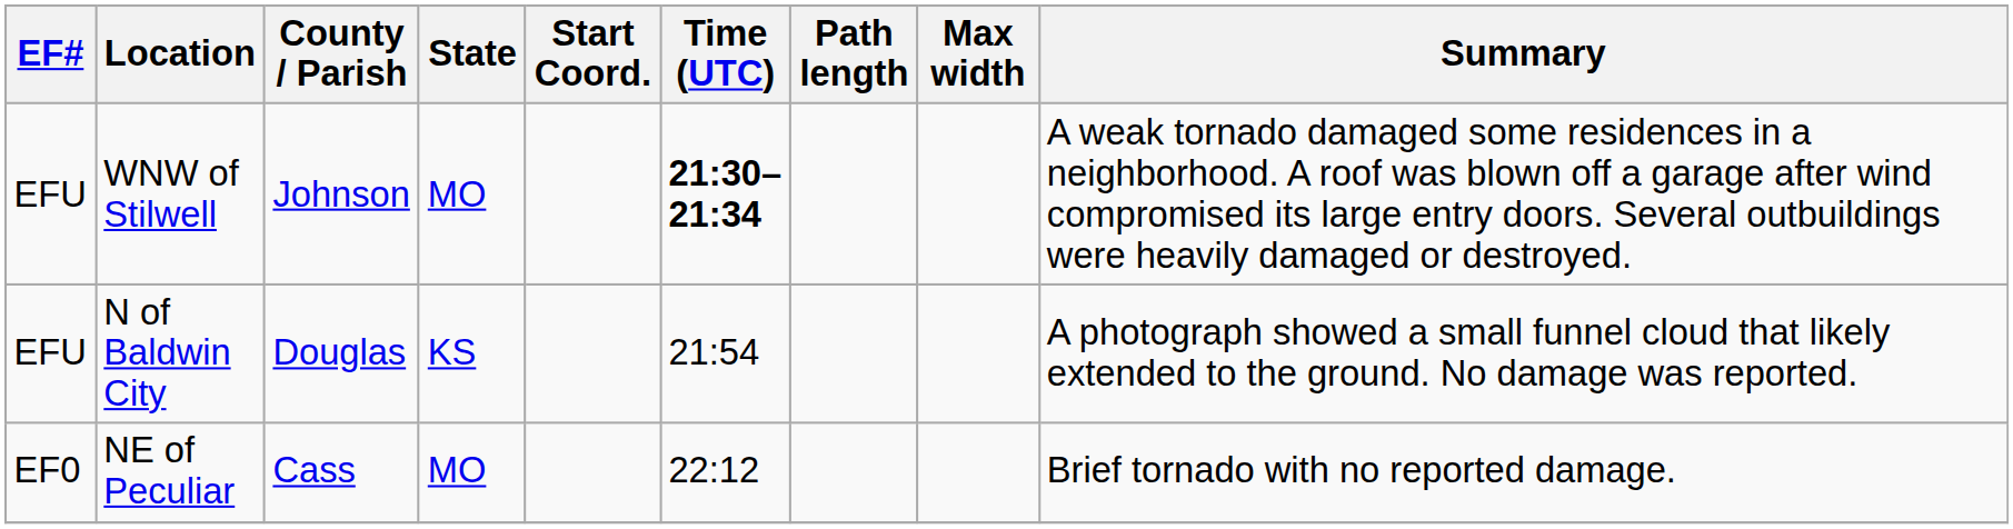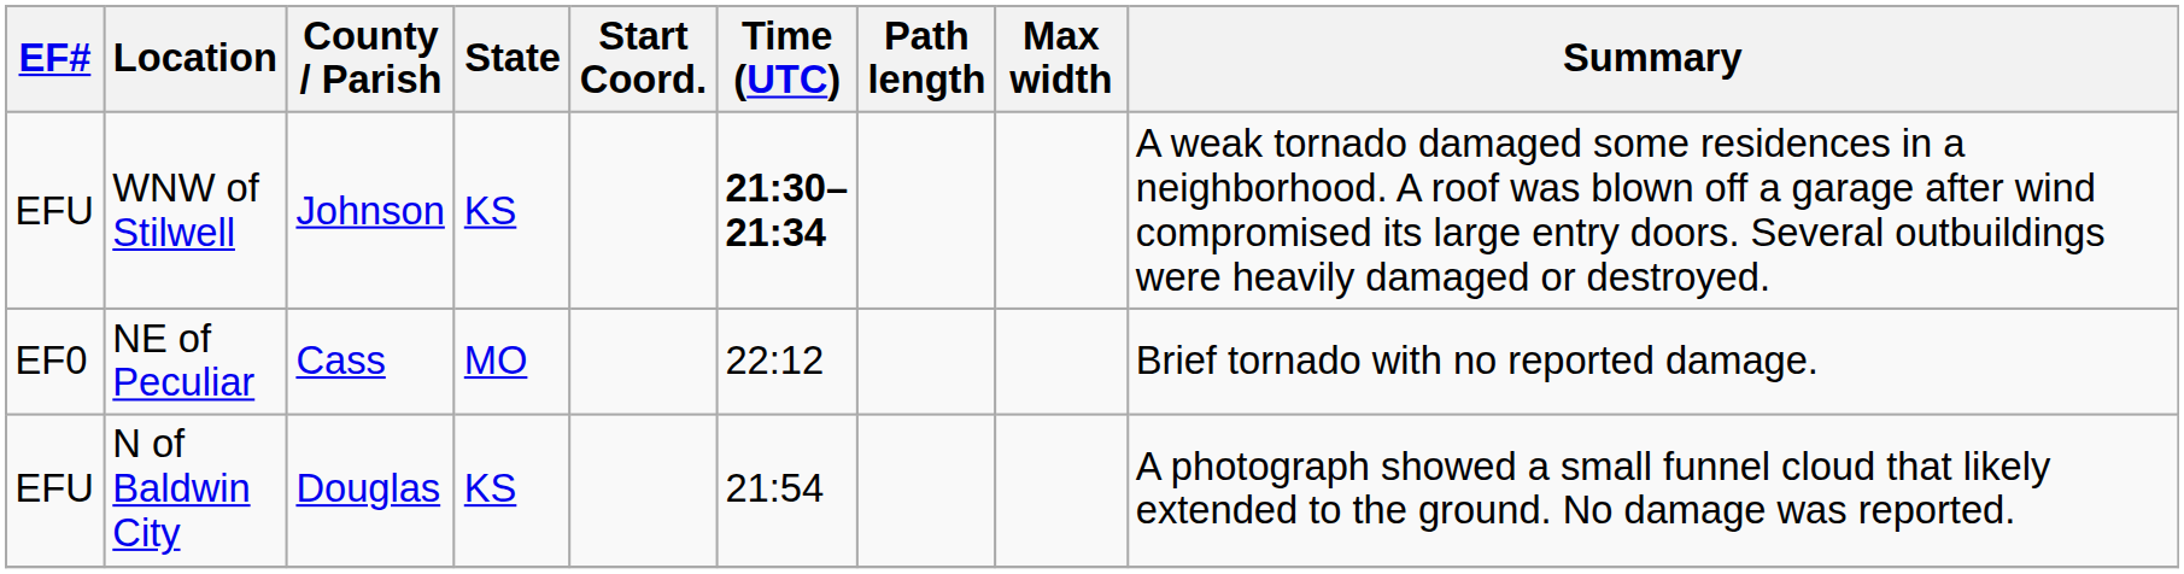 <table class="wikitable sortable" style="width:100%;">
 <tr>
 <th scope="col"  style="width:3%; text-align:center;"><a href='#'>EF#</a></th>
 <th scope="col"  style="width:7%; text-align:center;" class="unsortable">Location</th>
 <th scope="col"  style="width:6%; text-align:center;" class="unsortable">County / Parish</th>
 <th scope="col"  style="width:5%; text-align:center;">State</th>
 <th scope="col"  style="width:6%; text-align:center;">Start Coord.</th>
 <th scope="col"  style="width:6%; text-align:center;">Time (<a href='#'>UTC</a>)</th>
 <th scope="col"  style="width:6%; text-align:center;">Path length</th>
 <th scope="col"  style="width:6%; text-align:center;">Max width</th>
 <th scope="col" class="unsortable" style="width:48%; text-align:center;">Summary</th>
 </tr>
 <tr>
 <td>EFU</td>
 <td>WNW of <a href='#'>Stilwell</a></td>
 <td><a href='#'>Johnson</a></td>
-<td><a href='#'>MO</a></td>
+<td><a href='#'>KS</a></td>
 <td></td>
 <td><strong>21:30–21:34</strong></td>
 <td></td>
 <td></td>
 <td>A weak tornado damaged some residences in a neighborhood. A roof was blown off a garage after wind compromised its large entry doors. Several outbuildings were heavily damaged or destroyed.</td>
+</tr>
+<tr>
+<td>EF0</td>
+<td>NE of <a href='#'>Peculiar</a></td>
+<td><a href='#'>Cass</a></td>
+<td><a href='#'>MO</a></td>
+<td></td>
+<td>22:12</td>
+<td></td>
+<td></td>
+<td>Brief tornado with no reported damage.</td>
 </tr>
 <tr>
 <td>EFU</td>
 <td>N of <a href='#'>Baldwin City</a></td>
 <td><a href='#'>Douglas</a></td>
 <td><a href='#'>KS</a></td>
 <td></td>
 <td>21:54</td>
 <td></td>
 <td></td>
 <td>A photograph showed a small funnel cloud that likely extended to the ground. No damage was reported.</td>
 </tr>
 <tr>
-<td>EF0</td>
-<td>NE of <a href='#'>Peculiar</a></td>
-<td><a href='#'>Cass</a></td>
-<td><a href='#'>MO</a></td>
-<td></td>
-<td>22:12</td>
-<td></td>
-<td></td>
-<td>Brief tornado with no reported damage.</td>
-</tr>
-<tr>
 </tr>
 </table>
